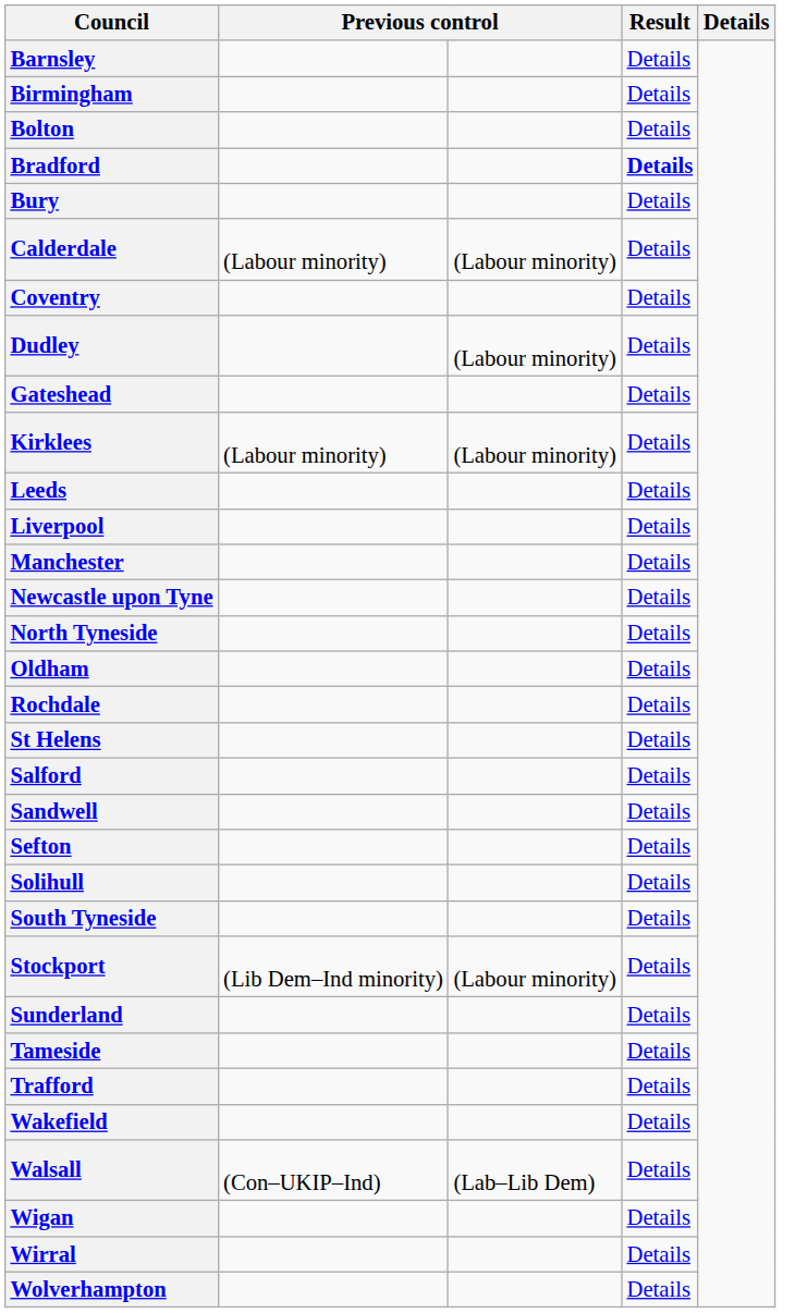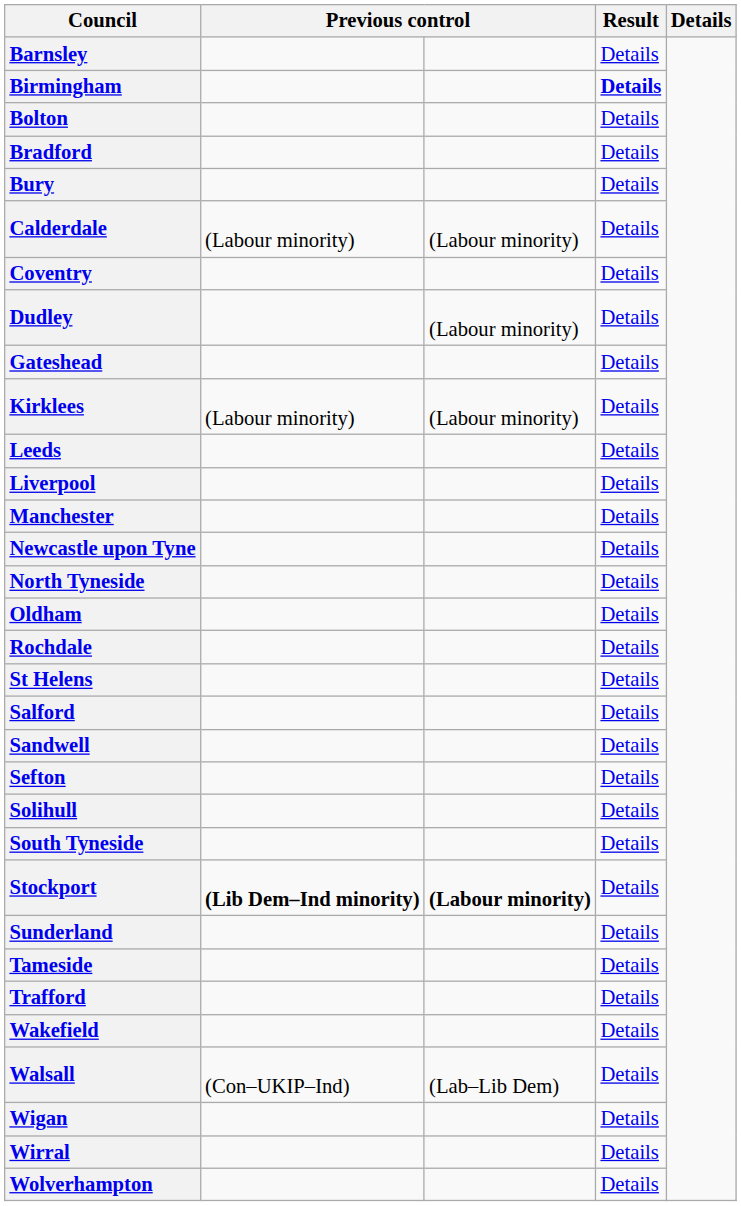 <table class="wikitable">
 <tr>
 <th scope="col">Council</th>
 <th colspan=2>Previous control</th>
 <th colspan=2>Result</th>
 <th colspan=2>Details</th>
 </tr>
 <tr>
 <th scope="row" style="text-align: left;"><a href='#'>Barnsley</a></th>
 <td></td>
 <td></td>
 <td><a href='#'>Details</a></td>
 </tr>
 <tr>
 <th scope="row" style="text-align: left;"><a href='#'>Birmingham</a></th>
 <td></td>
 <td></td>
-<td><a href='#'>Details</a></td>
+<td><strong><a href='#'>Details</a></strong></td>
 </tr>
 <tr>
 <th scope="row" style="text-align: left;"><a href='#'>Bolton</a></th>
 <td></td>
 <td></td>
 <td><a href='#'>Details</a></td>
 </tr>
 <tr>
 <th scope="row" style="text-align: left;"><a href='#'>Bradford</a></th>
 <td></td>
 <td></td>
-<td><strong><a href='#'>Details</a></strong></td>
+<td><a href='#'>Details</a></td>
 </tr>
 <tr>
 <th scope="row" style="text-align: left;"><a href='#'>Bury</a></th>
 <td></td>
 <td></td>
 <td><a href='#'>Details</a></td>
 </tr>
 <tr>
 <th scope="row" style="text-align: left;"><a href='#'>Calderdale</a></th>
 <td><br>(Labour minority)</td>
 <td><br>(Labour minority)</td>
 <td><a href='#'>Details</a></td>
 </tr>
 <tr>
 <th scope="row" style="text-align: left;"><a href='#'>Coventry</a></th>
 <td></td>
 <td></td>
 <td><a href='#'>Details</a></td>
 </tr>
 <tr>
 <th scope="row" style="text-align: left;"><a href='#'>Dudley</a></th>
 <td></td>
 <td><br>(Labour minority)</td>
 <td><a href='#'>Details</a></td>
 </tr>
 <tr>
 <th scope="row" style="text-align: left;"><a href='#'>Gateshead</a></th>
 <td></td>
 <td></td>
 <td><a href='#'>Details</a></td>
 </tr>
 <tr>
 <th scope="row" style="text-align: left;"><a href='#'>Kirklees</a></th>
 <td><br>(Labour minority)</td>
 <td><br>(Labour minority)</td>
 <td><a href='#'>Details</a></td>
 </tr>
 <tr>
 <th scope="row" style="text-align: left;"><a href='#'>Leeds</a></th>
 <td></td>
 <td></td>
 <td><a href='#'>Details</a></td>
 </tr>
 <tr>
 <th scope="row" style="text-align: left;"><a href='#'>Liverpool</a></th>
 <td></td>
 <td></td>
 <td><a href='#'>Details</a></td>
 </tr>
 <tr>
 <th scope="row" style="text-align: left;"><a href='#'>Manchester</a></th>
 <td></td>
 <td></td>
 <td><a href='#'>Details</a></td>
 </tr>
 <tr>
 <th scope="row" style="text-align: left;"><a href='#'>Newcastle upon Tyne</a></th>
 <td></td>
 <td></td>
 <td><a href='#'>Details</a></td>
 </tr>
 <tr>
 <th scope="row" style="text-align: left;"><a href='#'>North Tyneside</a></th>
 <td></td>
 <td></td>
 <td><a href='#'>Details</a></td>
 </tr>
 <tr>
 <th scope="row" style="text-align: left;"><a href='#'>Oldham</a></th>
 <td></td>
 <td></td>
 <td><a href='#'>Details</a></td>
 </tr>
 <tr>
 <th scope="row" style="text-align: left;"><a href='#'>Rochdale</a></th>
 <td></td>
 <td></td>
 <td><a href='#'>Details</a></td>
 </tr>
 <tr>
 <th scope="row" style="text-align: left;"><a href='#'>St Helens</a></th>
 <td></td>
 <td></td>
 <td><a href='#'>Details</a></td>
 </tr>
 <tr>
 <th scope="row" style="text-align: left;"><a href='#'>Salford</a></th>
 <td></td>
 <td></td>
 <td><a href='#'>Details</a></td>
 </tr>
 <tr>
 <th scope="row" style="text-align: left;"><a href='#'>Sandwell</a></th>
 <td></td>
 <td></td>
 <td><a href='#'>Details</a></td>
 </tr>
 <tr>
 <th scope="row" style="text-align: left;"><a href='#'>Sefton</a></th>
 <td></td>
 <td></td>
 <td><a href='#'>Details</a></td>
 </tr>
 <tr>
 <th scope="row" style="text-align: left;"><a href='#'>Solihull</a></th>
 <td></td>
 <td></td>
 <td><a href='#'>Details</a></td>
 </tr>
 <tr>
 <th scope="row" style="text-align: left;"><a href='#'>South Tyneside</a></th>
 <td></td>
 <td></td>
 <td><a href='#'>Details</a></td>
 </tr>
 <tr>
 <th scope="row" style="text-align: left;"><a href='#'>Stockport</a></th>
-<td><br>(Lib Dem–Ind minority)</td>
-<td><br>(Labour minority)</td>
+<td><strong><br>(Lib Dem–Ind minority)</strong></td>
+<td><strong><br>(Labour minority)</strong></td>
 <td><a href='#'>Details</a></td>
 </tr>
 <tr>
 <th scope="row" style="text-align: left;"><a href='#'>Sunderland</a></th>
 <td></td>
 <td></td>
 <td><a href='#'>Details</a></td>
 </tr>
 <tr>
 <th scope="row" style="text-align: left;"><a href='#'>Tameside</a></th>
 <td></td>
 <td></td>
 <td><a href='#'>Details</a></td>
 </tr>
 <tr>
 <th scope="row" style="text-align: left;"><a href='#'>Trafford</a></th>
 <td></td>
 <td></td>
 <td><a href='#'>Details</a></td>
 </tr>
 <tr>
 <th scope="row" style="text-align: left;"><a href='#'>Wakefield</a></th>
 <td></td>
 <td></td>
 <td><a href='#'>Details</a></td>
 </tr>
 <tr>
 <th scope="row" style="text-align: left;"><a href='#'>Walsall</a></th>
 <td><br>(Con–UKIP–Ind)</td>
 <td><br>(Lab–Lib Dem)</td>
 <td><a href='#'>Details</a></td>
 </tr>
 <tr>
 <th scope="row" style="text-align: left;"><a href='#'>Wigan</a></th>
 <td></td>
 <td></td>
 <td><a href='#'>Details</a></td>
 </tr>
 <tr>
 <th scope="row" style="text-align: left;"><a href='#'>Wirral</a></th>
 <td></td>
 <td></td>
 <td><a href='#'>Details</a></td>
 </tr>
 <tr>
 <th scope="row" style="text-align: left;"><a href='#'>Wolverhampton</a></th>
 <td></td>
 <td></td>
 <td><a href='#'>Details</a></td>
 </tr>
 </table>
